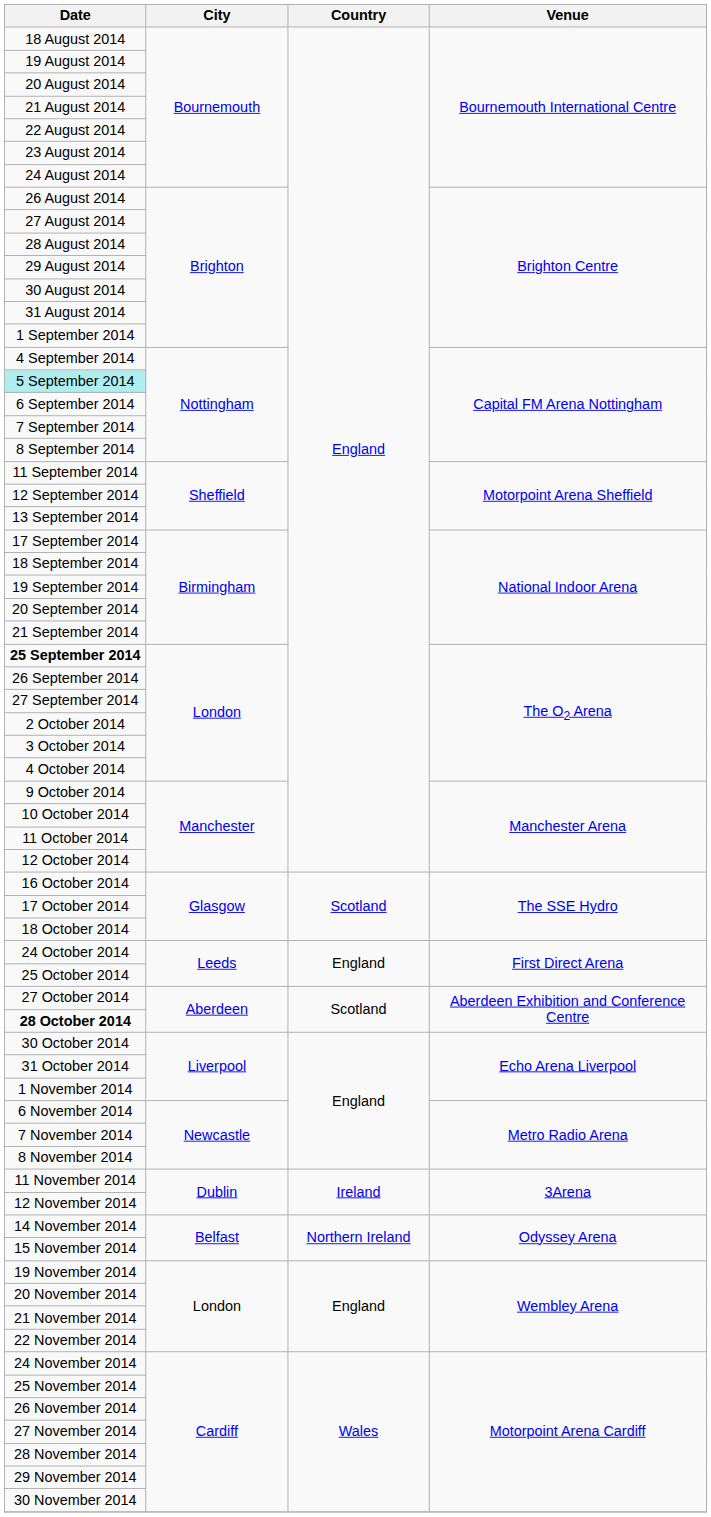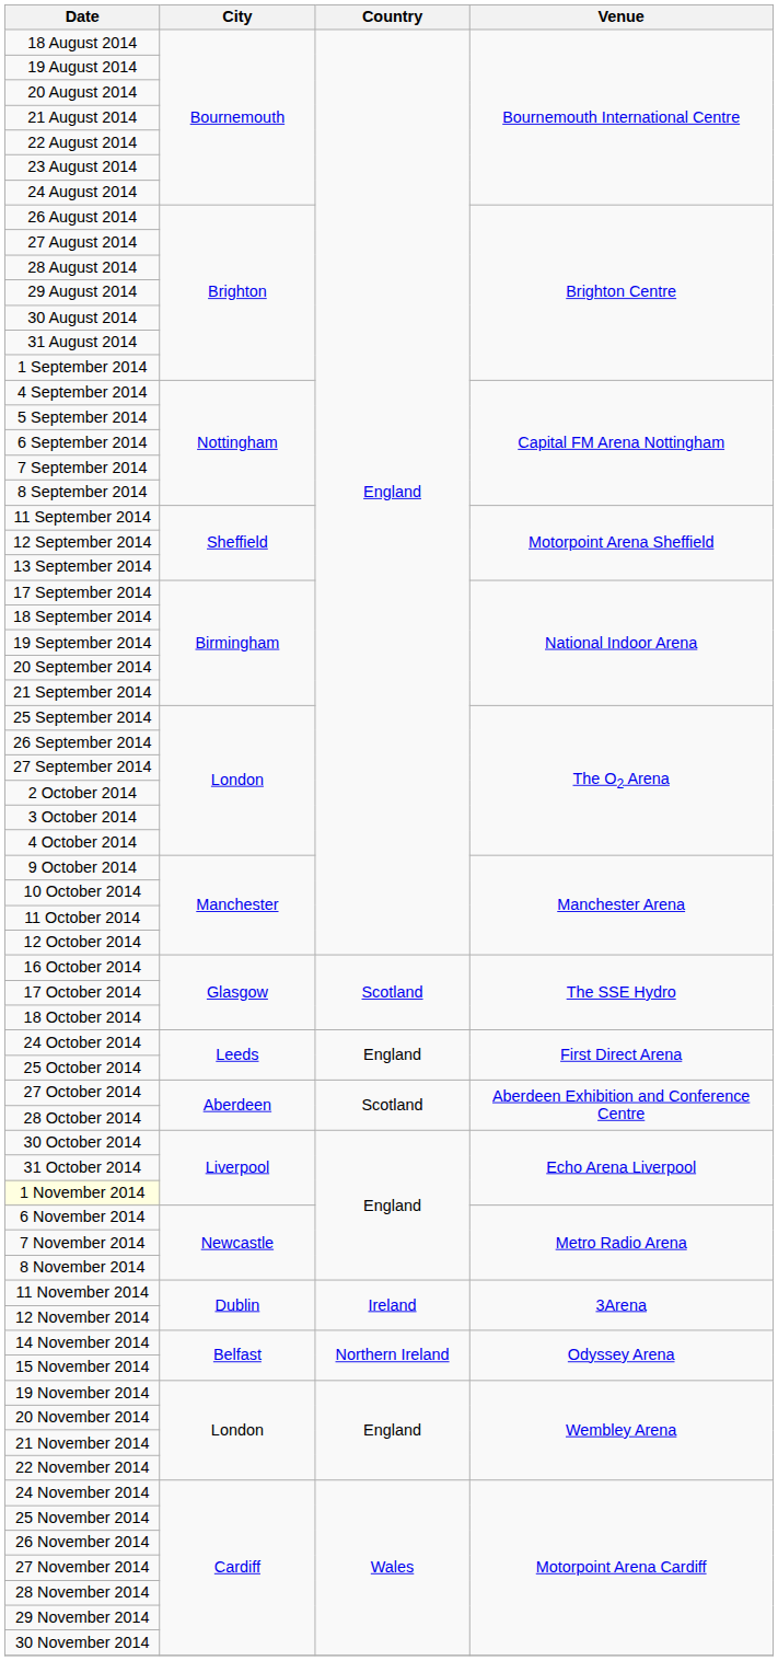 <table class="wikitable" style="text-align:center;">
 <tr>
 <th width="150">Date</th>
 <th width="150">City</th>
 <th width="150">Country</th>
 <th width="300">Venue</th>
 </tr>
 <tr>
 <td>18 August 2014</td>
 <td rowspan="7"><a href='#'>Bournemouth</a></td>
 <td rowspan="37"><a href='#'>England</a></td>
 <td rowspan="7"><a href='#'>Bournemouth International Centre</a></td>
 </tr>
 <tr>
 <td>19 August 2014</td>
 </tr>
 <tr>
 <td>20 August 2014</td>
 </tr>
 <tr>
 <td>21 August 2014</td>
 </tr>
 <tr>
 <td>22 August 2014</td>
 </tr>
 <tr>
 <td>23 August 2014</td>
 </tr>
 <tr>
 <td>24 August 2014</td>
 </tr>
 <tr>
 <td>26 August 2014</td>
 <td rowspan="7"><a href='#'>Brighton</a></td>
 <td rowspan="7"><a href='#'>Brighton Centre</a></td>
 </tr>
 <tr>
 <td>27 August 2014</td>
 </tr>
 <tr>
 <td>28 August 2014</td>
 </tr>
 <tr>
 <td>29 August 2014</td>
 </tr>
 <tr>
 <td>30 August 2014</td>
 </tr>
 <tr>
 <td>31 August 2014</td>
 </tr>
 <tr>
 <td>1 September 2014</td>
 </tr>
 <tr>
 <td>4 September 2014</td>
 <td rowspan="5"><a href='#'>Nottingham</a></td>
 <td rowspan="5"><a href='#'>Capital FM Arena Nottingham</a></td>
 </tr>
 <tr>
-<td style="background: paleturquoise;">5 September 2014</td>
+<td>5 September 2014</td>
 </tr>
 <tr>
 <td>6 September 2014</td>
 </tr>
 <tr>
 <td>7 September 2014</td>
 </tr>
 <tr>
 <td>8 September 2014</td>
 </tr>
 <tr>
 <td>11 September 2014</td>
 <td rowspan="3"><a href='#'>Sheffield</a></td>
 <td rowspan="3"><a href='#'>Motorpoint Arena Sheffield</a></td>
 </tr>
 <tr>
 <td>12 September 2014</td>
 </tr>
 <tr>
 <td>13 September 2014</td>
 </tr>
 <tr>
 <td>17 September 2014</td>
 <td rowspan="5"><a href='#'>Birmingham</a></td>
 <td rowspan="5"><a href='#'>National Indoor Arena</a></td>
 </tr>
 <tr>
 <td>18 September 2014</td>
 </tr>
 <tr>
 <td>19 September 2014</td>
 </tr>
 <tr>
 <td>20 September 2014</td>
 </tr>
 <tr>
 <td>21 September 2014</td>
 </tr>
 <tr>
-<td><strong>25 September 2014</strong></td>
+<td>25 September 2014</td>
 <td rowspan="6"><a href='#'>London</a></td>
 <td rowspan="6"><a href='#'>The O<sub>2</sub> Arena</a></td>
 </tr>
 <tr>
 <td>26 September 2014</td>
 </tr>
 <tr>
 <td>27 September 2014</td>
 </tr>
 <tr>
 <td>2 October 2014</td>
 </tr>
 <tr>
 <td>3 October 2014</td>
 </tr>
 <tr>
 <td>4 October 2014</td>
 </tr>
 <tr>
 <td>9 October 2014</td>
 <td rowspan="4"><a href='#'>Manchester</a></td>
 <td rowspan="4"><a href='#'>Manchester Arena</a></td>
 </tr>
 <tr>
 <td>10 October 2014</td>
 </tr>
 <tr>
 <td>11 October 2014</td>
 </tr>
 <tr>
 <td>12 October 2014</td>
 </tr>
 <tr>
 <td>16 October 2014</td>
 <td rowspan="3"><a href='#'>Glasgow</a></td>
 <td rowspan="3"><a href='#'>Scotland</a></td>
 <td rowspan="3"><a href='#'>The SSE Hydro</a></td>
 </tr>
 <tr>
 <td>17 October 2014</td>
 </tr>
 <tr>
 <td>18 October 2014</td>
 </tr>
 <tr>
 <td>24 October 2014</td>
 <td rowspan="2"><a href='#'>Leeds</a></td>
 <td rowspan="2">England</td>
 <td rowspan="2"><a href='#'>First Direct Arena</a></td>
 </tr>
 <tr>
 <td>25 October 2014</td>
 </tr>
 <tr>
 <td>27 October 2014</td>
 <td rowspan="2"><a href='#'>Aberdeen</a></td>
 <td rowspan="2">Scotland</td>
 <td rowspan="2"><a href='#'>Aberdeen Exhibition and Conference Centre</a></td>
 </tr>
 <tr>
-<td><strong>28 October 2014</strong></td>
+<td>28 October 2014</td>
 </tr>
 <tr>
 <td>30 October 2014</td>
 <td rowspan="3"><a href='#'>Liverpool</a></td>
 <td rowspan="6">England</td>
 <td rowspan="3"><a href='#'>Echo Arena Liverpool</a></td>
 </tr>
 <tr>
 <td>31 October 2014</td>
 </tr>
 <tr>
-<td>1 November 2014</td>
+<td style="background: lightyellow;">1 November 2014</td>
 </tr>
 <tr>
 <td>6 November 2014</td>
 <td rowspan="3"><a href='#'>Newcastle</a></td>
 <td rowspan="3"><a href='#'>Metro Radio Arena</a></td>
 </tr>
 <tr>
 <td>7 November 2014</td>
 </tr>
 <tr>
 <td>8 November 2014</td>
 </tr>
 <tr>
 <td>11 November 2014</td>
 <td rowspan="2"><a href='#'>Dublin</a></td>
 <td rowspan="2"><a href='#'>Ireland</a></td>
 <td rowspan="2"><a href='#'>3Arena</a></td>
 </tr>
 <tr>
 <td>12 November 2014</td>
 </tr>
 <tr>
 <td>14 November 2014</td>
 <td rowspan="2"><a href='#'>Belfast</a></td>
 <td rowspan="2"><a href='#'>Northern Ireland</a></td>
 <td rowspan="2"><a href='#'>Odyssey Arena</a></td>
 </tr>
 <tr>
 <td>15 November 2014</td>
 </tr>
 <tr>
 <td>19 November 2014</td>
 <td rowspan="4">London</td>
 <td rowspan="4">England</td>
 <td rowspan="4"><a href='#'>Wembley Arena</a></td>
 </tr>
 <tr>
 <td>20 November 2014</td>
 </tr>
 <tr>
 <td>21 November 2014</td>
 </tr>
 <tr>
 <td>22 November 2014</td>
 </tr>
 <tr>
 <td>24 November 2014</td>
 <td rowspan="7"><a href='#'>Cardiff</a></td>
 <td rowspan="7"><a href='#'>Wales</a></td>
 <td rowspan="7"><a href='#'>Motorpoint Arena Cardiff</a></td>
 </tr>
 <tr>
 <td>25 November 2014</td>
 </tr>
 <tr>
 <td>26 November 2014</td>
 </tr>
 <tr>
 <td>27 November 2014</td>
 </tr>
 <tr>
 <td>28 November 2014</td>
 </tr>
 <tr>
 <td>29 November 2014</td>
 </tr>
 <tr>
 <td>30 November 2014</td>
 </tr>
 <tr>
 </tr>
 </table>
